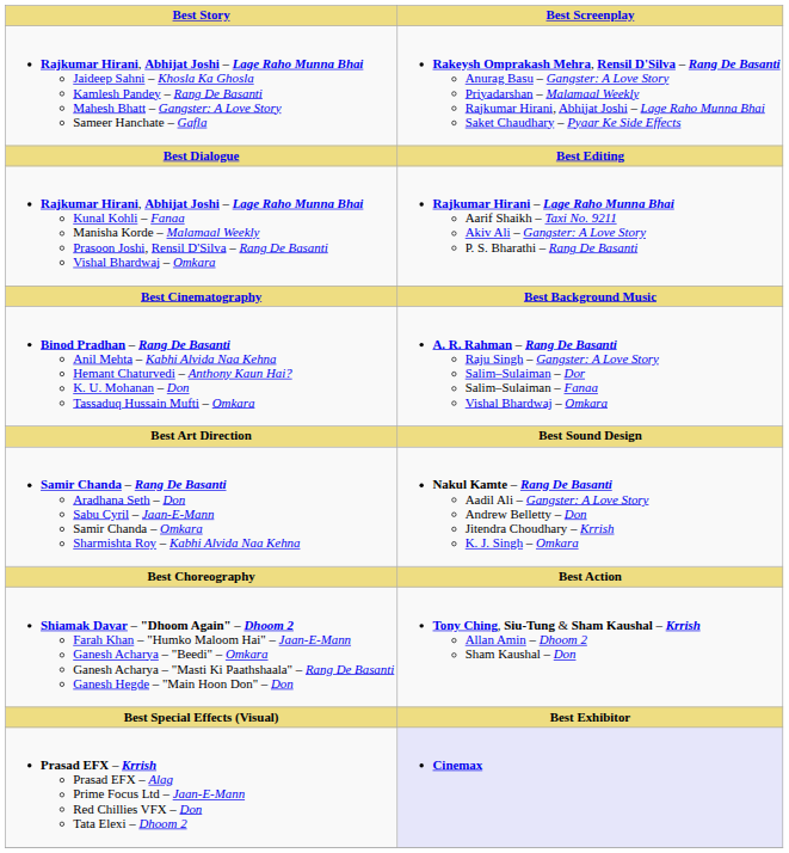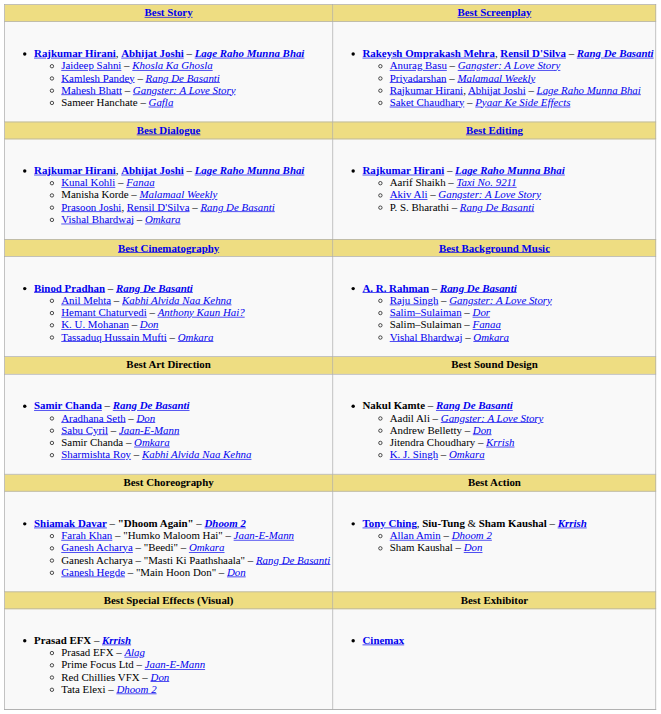 <table class="wikitable">
 <tr>
 <th ! style="background:#EEDD82;text-align:center;"><a href='#'>Best Story</a></th>
 <th ! style="background:#eedd82;text-align:center;"><a href='#'>Best Screenplay</a></th>
 </tr>
 <tr>
 <td valign="top"><br><ul><li><strong><a href='#'>Rajkumar Hirani</a></strong>, <strong><a href='#'>Abhijat Joshi</a></strong> – <strong><em><a href='#'>Lage Raho Munna Bhai</a></em></strong><ul><li><a href='#'>Jaideep Sahni</a> – <em><a href='#'>Khosla Ka Ghosla</a></em></li><li><a href='#'>Kamlesh Pandey</a> – <em><a href='#'>Rang De Basanti</a></em></li><li><a href='#'>Mahesh Bhatt</a> – <em><a href='#'>Gangster: A Love Story</a></em></li><li>Sameer Hanchate – <em><a href='#'>Gafla</a></em></li></ul></li></ul></td>
 <td valign="top"><br><ul><li><strong><a href='#'>Rakeysh Omprakash Mehra</a></strong>, <strong><a href='#'>Rensil D'Silva</a></strong> – <strong><em><a href='#'>Rang De Basanti</a></em></strong><ul><li><a href='#'>Anurag Basu</a> – <em><a href='#'>Gangster: A Love Story</a></em></li><li><a href='#'>Priyadarshan</a> – <em><a href='#'>Malamaal Weekly</a></em></li><li><a href='#'>Rajkumar Hirani</a>, <a href='#'>Abhijat Joshi</a> – <em><a href='#'>Lage Raho Munna Bhai</a></em></li><li><a href='#'>Saket Chaudhary</a> – <em><a href='#'>Pyaar Ke Side Effects</a></em></li></ul></li></ul></td>
 </tr>
 <tr>
 <th ! style="background:#EEDD82;text-align:center;"><a href='#'>Best Dialogue</a></th>
 <th ! style="background:#eedd82;text-align:center;"><a href='#'>Best Editing</a></th>
 </tr>
 <tr>
 <td valign="top"><br><ul><li><strong><a href='#'>Rajkumar Hirani</a></strong>, <strong><a href='#'>Abhijat Joshi</a></strong> – <strong><em><a href='#'>Lage Raho Munna Bhai</a></em></strong><ul><li><a href='#'>Kunal Kohli</a> – <em><a href='#'>Fanaa</a></em></li><li>Manisha Korde – <em><a href='#'>Malamaal Weekly</a></em></li><li><a href='#'>Prasoon Joshi</a>, <a href='#'>Rensil D'Silva</a> – <em><a href='#'>Rang De Basanti</a></em></li><li><a href='#'>Vishal Bhardwaj</a> – <em><a href='#'>Omkara</a></em></li></ul></li></ul></td>
 <td valign="top"><br><ul><li><strong><a href='#'>Rajkumar Hirani</a></strong> – <strong><em><a href='#'>Lage Raho Munna Bhai</a></em></strong><ul><li>Aarif Shaikh – <em><a href='#'>Taxi No. 9211</a></em></li><li><a href='#'>Akiv Ali</a> – <em><a href='#'>Gangster: A Love Story</a></em></li><li>P. S. Bharathi – <em><a href='#'>Rang De Basanti</a></em></li></ul></li></ul></td>
 </tr>
 <tr>
 <th ! style="background:#EEDD82;text-align:center;"><a href='#'>Best Cinematography</a></th>
 <th ! style="background:#eedd82;text-align:center;"><a href='#'>Best Background Music</a></th>
 </tr>
 <tr>
 <td valign="top"><br><ul><li><strong><a href='#'>Binod Pradhan</a></strong> – <strong><em><a href='#'>Rang De Basanti</a></em></strong><ul><li><a href='#'>Anil Mehta</a> – <em><a href='#'>Kabhi Alvida Naa Kehna</a></em></li><li><a href='#'>Hemant Chaturvedi</a> – <em><a href='#'>Anthony Kaun Hai?</a></em></li><li><a href='#'>K. U. Mohanan</a> – <em><a href='#'>Don</a></em></li><li><a href='#'>Tassaduq Hussain Mufti</a> – <em><a href='#'>Omkara</a></em></li></ul></li></ul></td>
 <td valign="top"><br><ul><li><strong><a href='#'>A. R. Rahman</a></strong> – <strong><em><a href='#'>Rang De Basanti</a></em></strong><ul><li><a href='#'>Raju Singh</a> – <em><a href='#'>Gangster: A Love Story</a></em></li><li><a href='#'>Salim–Sulaiman</a> – <em><a href='#'>Dor</a></em></li><li>Salim–Sulaiman – <em><a href='#'>Fanaa</a></em></li><li><a href='#'>Vishal Bhardwaj</a> – <em><a href='#'>Omkara</a></em></li></ul></li></ul></td>
 </tr>
 <tr>
 <th ! style="background:#EEDD82;text-align:center;">Best Art Direction</th>
 <th ! style="background:#eedd82;text-align:center;">Best Sound Design</th>
 </tr>
 <tr>
 <td valign="top"><br><ul><li><strong><a href='#'>Samir Chanda</a></strong> – <strong><em><a href='#'>Rang De Basanti</a></em></strong><ul><li><a href='#'>Aradhana Seth</a> – <em><a href='#'>Don</a></em></li><li><a href='#'>Sabu Cyril</a> – <em><a href='#'>Jaan-E-Mann</a></em></li><li>Samir Chanda – <em><a href='#'>Omkara</a></em></li><li><a href='#'>Sharmishta Roy</a> – <em><a href='#'>Kabhi Alvida Naa Kehna</a></em></li></ul></li></ul></td>
 <td valign="top"><br><ul><li><strong>Nakul Kamte</strong> – <strong><em><a href='#'>Rang De Basanti</a></em></strong><ul><li>Aadil Ali – <em><a href='#'>Gangster: A Love Story</a></em></li><li>Andrew Belletty – <em><a href='#'>Don</a></em></li><li>Jitendra Choudhary – <em><a href='#'>Krrish</a></em></li><li><a href='#'>K. J. Singh</a> – <em><a href='#'>Omkara</a></em></li></ul></li></ul></td>
 </tr>
 <tr>
 <th ! style="background:#EEDD82;text-align:center;">Best Choreography</th>
 <th ! style="background:#eedd82;text-align:center;">Best Action</th>
 </tr>
 <tr>
 <td valign="top"><br><ul><li><strong><a href='#'>Shiamak Davar</a></strong> –  <strong>"Dhoom Again"</strong> – <strong><em><a href='#'>Dhoom 2</a></em></strong><ul><li><a href='#'>Farah Khan</a> – "Humko Maloom Hai" – <em><a href='#'>Jaan-E-Mann</a></em></li><li><a href='#'>Ganesh Acharya</a> – "Beedi" – <em><a href='#'>Omkara</a></em></li><li>Ganesh Acharya – "Masti Ki Paathshaala" – <em><a href='#'>Rang De Basanti</a></em></li><li><a href='#'>Ganesh Hegde</a> – "Main Hoon Don" – <em><a href='#'>Don</a></em></li></ul></li></ul></td>
 <td valign="top"><br><ul><li><strong><a href='#'>Tony Ching</a></strong>, <strong>Siu-Tung</strong> & <strong>Sham Kaushal</strong> – <strong><em><a href='#'>Krrish</a></em></strong><ul><li><a href='#'>Allan Amin</a> – <em><a href='#'>Dhoom 2</a></em></li><li>Sham Kaushal – <em><a href='#'>Don</a></em></li></ul></li></ul></td>
 </tr>
 <tr>
 <th ! style="background:#eedd82;text-align:center;">Best Special Effects (Visual)</th>
 <th ! style="background:#eedd82;text-align:center;">Best Exhibitor</th>
 </tr>
 <tr>
 <td valign="top"><br><ul><li><strong>Prasad EFX</strong> – <strong><em><a href='#'>Krrish</a></em></strong><ul><li>Prasad EFX – <em><a href='#'>Alag</a></em></li><li>Prime Focus Ltd – <em><a href='#'>Jaan-E-Mann</a></em></li><li>Red Chillies VFX – <em><a href='#'>Don</a></em></li><li>Tata Elexi – <em><a href='#'>Dhoom 2</a></em></li></ul></li></ul></td>
-<td valign="top" style="background: lavender;"><br><ul><li><strong><a href='#'>Cinemax</a></strong></li></ul></td>
+<td valign="top"><br><ul><li><strong><a href='#'>Cinemax</a></strong></li></ul></td>
 </tr>
 <tr>
 </tr>
 </table>
